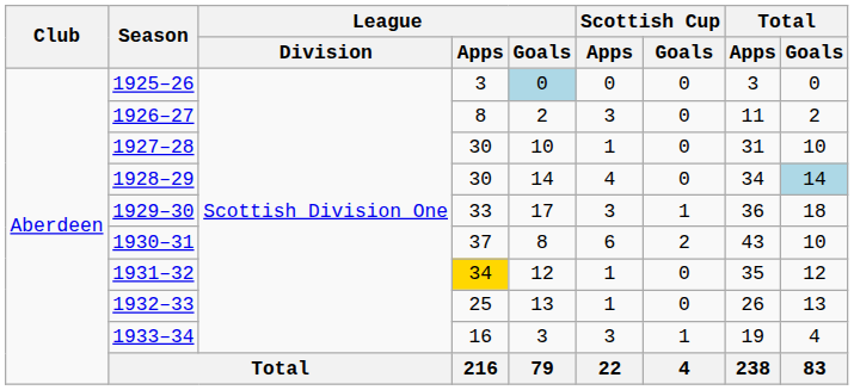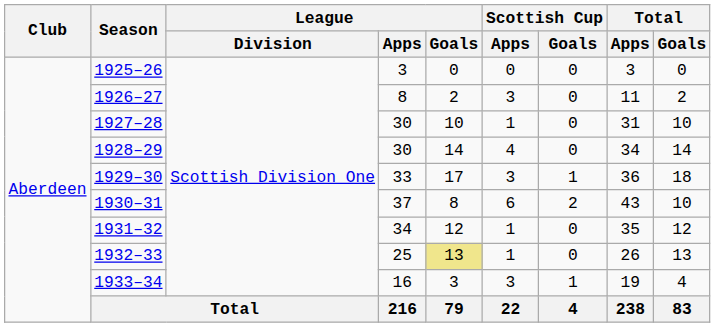 <table class="wikitable" style="text-align:center">
 <tr>
 <th rowspan="2">Club</th>
 <th rowspan="2">Season</th>
 <th colspan="3">League</th>
 <th colspan="2">Scottish Cup</th>
 <th colspan="2">Total</th>
 </tr>
 <tr>
 <th>Division</th>
 <th>Apps</th>
 <th>Goals</th>
 <th>Apps</th>
 <th>Goals</th>
 <th>Apps</th>
 <th>Goals</th>
 </tr>
 <tr>
 <td rowspan="10"><a href='#'>Aberdeen</a></td>
 <td><a href='#'>1925–26</a></td>
 <td rowspan="9"><a href='#'>Scottish Division One</a></td>
 <td>3</td>
-<td style="background: lightblue;">0</td>
+<td>0</td>
 <td>0</td>
 <td>0</td>
 <td>3</td>
 <td>0</td>
 </tr>
 <tr>
 <td><a href='#'>1926–27</a></td>
 <td>8</td>
 <td>2</td>
 <td>3</td>
 <td>0</td>
 <td>11</td>
 <td>2</td>
 </tr>
 <tr>
 <td><a href='#'>1927–28</a></td>
 <td>30</td>
 <td>10</td>
 <td>1</td>
 <td>0</td>
 <td>31</td>
 <td>10</td>
 </tr>
 <tr>
 <td><a href='#'>1928–29</a></td>
 <td>30</td>
 <td>14</td>
 <td>4</td>
 <td>0</td>
 <td>34</td>
-<td style="background: lightblue;">14</td>
+<td>14</td>
 </tr>
 <tr>
 <td><a href='#'>1929–30</a></td>
 <td>33</td>
 <td>17</td>
 <td>3</td>
 <td>1</td>
 <td>36</td>
 <td>18</td>
 </tr>
 <tr>
 <td><a href='#'>1930–31</a></td>
 <td>37</td>
 <td>8</td>
 <td>6</td>
 <td>2</td>
 <td>43</td>
 <td>10</td>
 </tr>
 <tr>
 <td><a href='#'>1931–32</a></td>
-<td style="background: gold;">34</td>
+<td>34</td>
 <td>12</td>
 <td>1</td>
 <td>0</td>
 <td>35</td>
 <td>12</td>
 </tr>
 <tr>
 <td><a href='#'>1932–33</a></td>
 <td>25</td>
-<td>13</td>
+<td style="background: khaki;">13</td>
 <td>1</td>
 <td>0</td>
 <td>26</td>
 <td>13</td>
 </tr>
 <tr>
 <td><a href='#'>1933–34</a></td>
 <td>16</td>
 <td>3</td>
 <td>3</td>
 <td>1</td>
 <td>19</td>
 <td>4</td>
 </tr>
 <tr>
 <th colspan="2">Total</th>
 <th>216</th>
 <th>79</th>
 <th>22</th>
 <th>4</th>
 <th>238</th>
 <th>83</th>
 </tr>
 </table>
